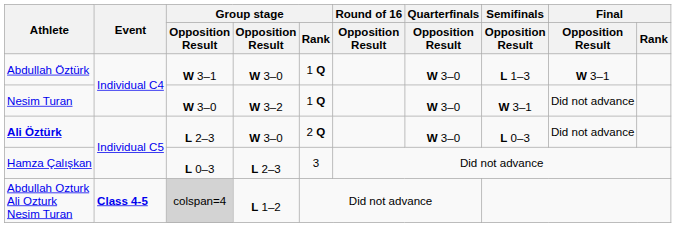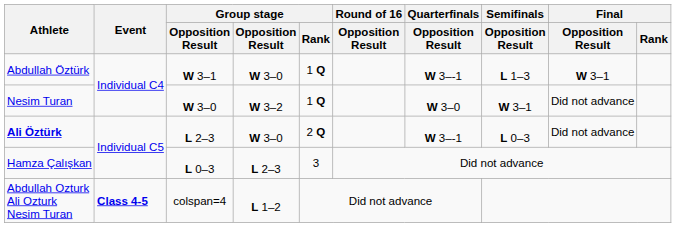 <table class=wikitable style="font-size:95%">
 <tr>
 <th rowspan="2">Athlete</th>
 <th rowspan="2">Event</th>
 <th colspan="3">Group stage</th>
 <th>Round of 16</th>
 <th>Quarterfinals</th>
 <th>Semifinals</th>
 <th colspan="2">Final</th>
 </tr>
 <tr>
 <th>Opposition<br>Result</th>
 <th>Opposition<br>Result</th>
 <th>Rank</th>
 <th>Opposition<br>Result</th>
 <th>Opposition<br>Result</th>
 <th>Opposition<br>Result</th>
 <th>Opposition<br>Result</th>
 <th>Rank</th>
 </tr>
 <tr align=center>
 <td align=left><a href='#'>Abdullah Öztürk</a></td>
 <td rowspan="2" align="left"><a href='#'>Individual C4</a></td>
 <td><br><strong>W</strong> 3–1</td>
 <td><br><strong>W</strong> 3–0</td>
 <td>1 <strong>Q</strong></td>
 <td></td>
-<td><br><strong>W</strong> 3–0</td>
+<td><br><strong>W</strong> 3–-1</td>
 <td><br><strong>L</strong> 1–3</td>
 <td><br><strong>W</strong> 3–1</td>
 <td></td>
 </tr>
 <tr align=center>
 <td align=left><a href='#'>Nesim Turan</a></td>
 <td><br><strong>W</strong> 3–0</td>
 <td><br><strong>W</strong> 3–2</td>
 <td>1 <strong>Q</strong></td>
 <td></td>
 <td><br><strong>W</strong> 3–0</td>
 <td><br><strong>W</strong> 3–1</td>
 <td>Did not advance</td>
 <td></td>
 </tr>
 <tr align=center>
 <td align=left><strong><a href='#'>Ali Öztürk</a></strong></td>
 <td rowspan="2" align="left"><a href='#'>Individual C5</a></td>
 <td><br><strong>L</strong> 2–3</td>
 <td><br><strong>W</strong> 3–0</td>
 <td>2 <strong>Q</strong></td>
 <td></td>
-<td><br><strong>W</strong> 3–0</td>
+<td><br><strong>W</strong> 3–-1</td>
 <td><br><strong>L</strong> 0–3</td>
 <td>Did not advance</td>
 <td></td>
 </tr>
 <tr align=center>
 <td align=left><a href='#'>Hamza Çalışkan</a></td>
 <td><br><strong>L</strong> 0–3</td>
 <td><br><strong>L</strong> 2–3</td>
 <td>3</td>
 <td colspan=5>Did not advance</td>
 </tr>
 <tr align=center>
 <td align=left><a href='#'>Abdullah Ozturk</a><br><a href='#'>Ali Ozturk</a><br><a href='#'>Nesim Turan</a></td>
 <td align=left><strong><a href='#'>Class 4-5</a></strong></td>
-<td style="background: lightgrey;">colspan=4 </td>
+<td>colspan=4 </td>
 <td><br><strong>L</strong> 1–2</td>
 <td colspan=3>Did not advance</td>
 </tr>
 </table>
